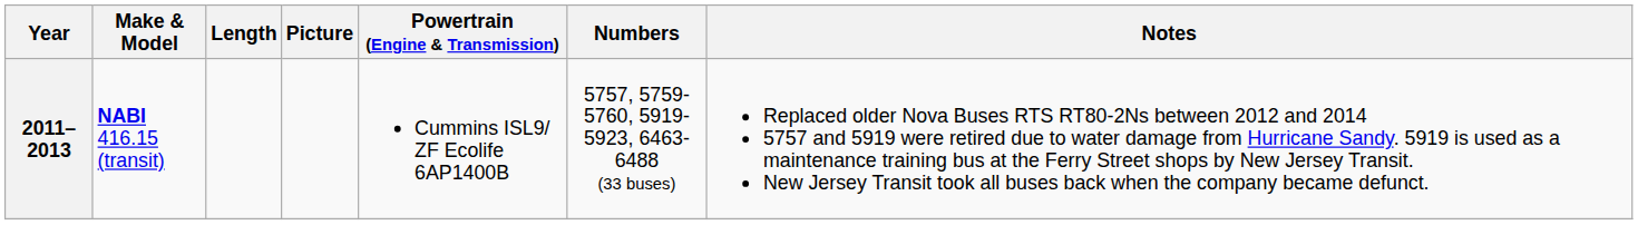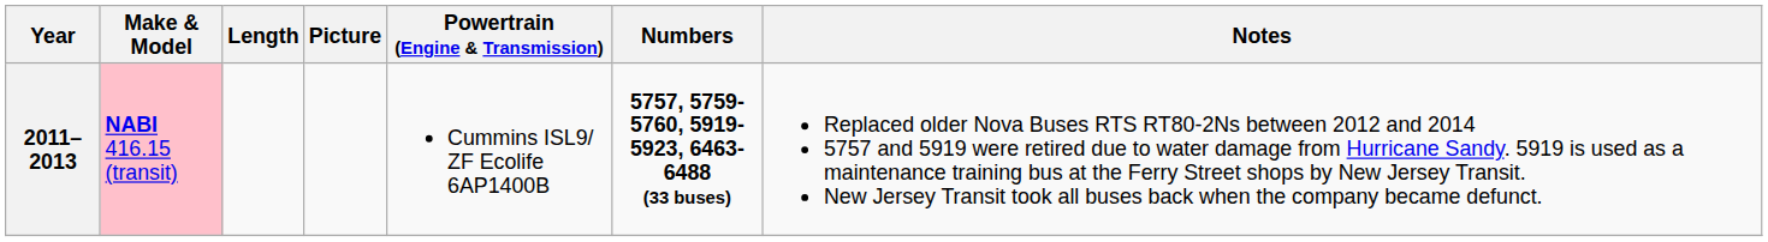 <table class="wikitable" style="font-size: 95%;" |>
 <tr>
 <th>Year</th>
 <th>Make & Model</th>
 <th>Length</th>
 <th>Picture</th>
 <th>Powertrain<br><small>(<a href='#'>Engine</a> & <a href='#'>Transmission</a>)</small></th>
 <th width="100px">Numbers</th>
 <th>Notes</th>
 </tr>
 <tr>
 <th>2011–2013</th>
-<td><strong><a href='#'>NABI</a></strong><br><a href='#'>416.15 (transit)</a></td>
+<td style="background: pink;"><strong><a href='#'>NABI</a></strong><br><a href='#'>416.15 (transit)</a></td>
 <td></td>
 <td></td>
 <td><br><ul><li>Cummins ISL9/<br>ZF Ecolife 6AP1400B</li></ul></td>
-<td align=center>5757, 5759-5760, 5919-5923, 6463-6488<br><small>(33 buses)</small></td>
+<td align=center><strong>5757, 5759-5760, 5919-5923, 6463-6488<br><small>(33 buses)</small></strong></td>
 <td><br><ul><li>Replaced older Nova Buses RTS RT80-2Ns between 2012 and 2014</li><li>5757 and 5919 were retired due to water damage from <a href='#'>Hurricane Sandy</a>. 5919 is used as a maintenance training bus at the Ferry Street shops by New Jersey Transit.</li><li>New Jersey Transit took all buses back when the company became defunct.</li></ul></td>
 </tr>
 <tr>
 </tr>
 </table>
